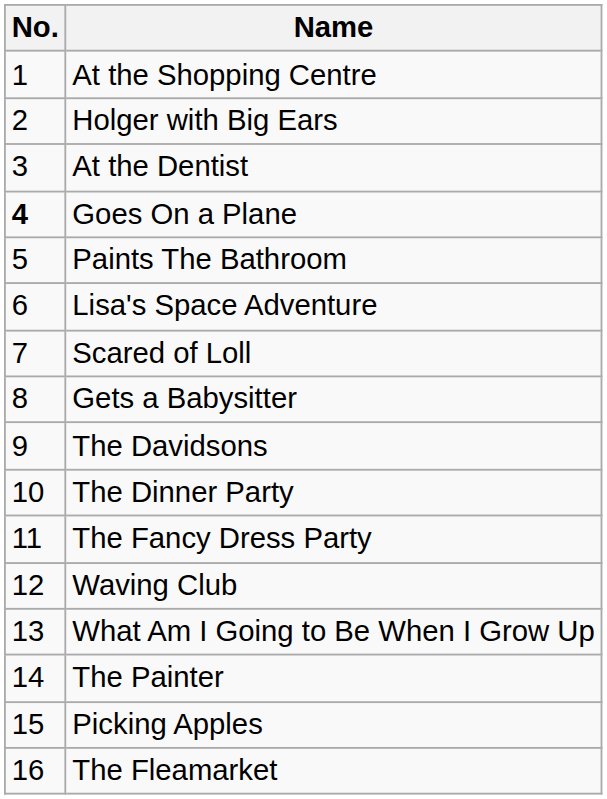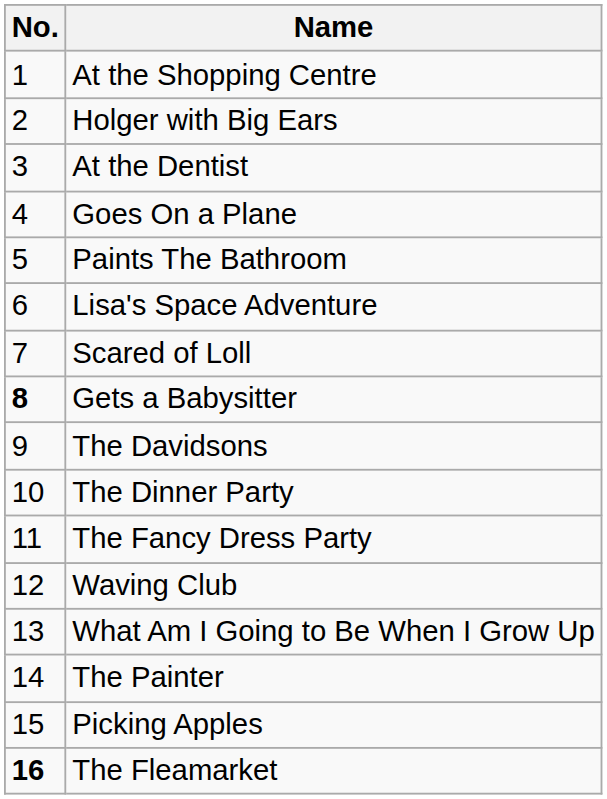 <table class="wikitable sortable" style="width: auto;" table-layout: fixed;" |>
 <tr>
 <th>No.</th>
 <th>Name</th>
 </tr>
 <tr>
 <td>1</td>
 <td>At the Shopping Centre</td>
 </tr>
 <tr>
 <td>2</td>
 <td>Holger with Big Ears</td>
 </tr>
 <tr>
 <td>3</td>
 <td>At the Dentist</td>
 </tr>
 <tr>
-<td><strong>4</strong></td>
+<td>4</td>
 <td>Goes On a Plane</td>
 </tr>
 <tr>
 <td>5</td>
 <td>Paints The Bathroom</td>
 </tr>
 <tr>
 <td>6</td>
 <td>Lisa's Space Adventure</td>
 </tr>
 <tr>
 <td>7</td>
 <td>Scared of Loll</td>
 </tr>
 <tr>
-<td>8</td>
+<td><strong>8</strong></td>
 <td>Gets a Babysitter</td>
 </tr>
 <tr>
 <td>9</td>
 <td>The Davidsons</td>
 </tr>
 <tr>
 <td>10</td>
 <td>The Dinner Party</td>
 </tr>
 <tr>
 <td>11</td>
 <td>The Fancy Dress Party</td>
 </tr>
 <tr>
 <td>12</td>
 <td>Waving Club</td>
 </tr>
 <tr>
 <td>13</td>
 <td>What Am I Going to Be When I Grow Up</td>
 </tr>
 <tr>
 <td>14</td>
 <td>The Painter</td>
 </tr>
 <tr>
 <td>15</td>
 <td>Picking Apples</td>
 </tr>
 <tr>
-<td>16</td>
+<td><strong>16</strong></td>
 <td>The Fleamarket</td>
 </tr>
 </table>
